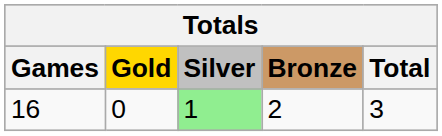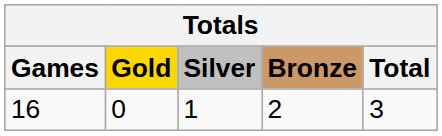 <table class="wikitable">
 <tr>
 <th colspan=5>Totals</th>
 </tr>
 <tr>
 <th>Games</th>
 <th style="background:gold">Gold</th>
 <th style="background:silver">Silver</th>
 <th style="background:#c96">Bronze</th>
 <th>Total</th>
 </tr>
 <tr>
 <td>16</td>
 <td>0</td>
-<td style="background: lightgreen;">1</td>
+<td>1</td>
 <td>2</td>
 <td>3</td>
 </tr>
 </table>
